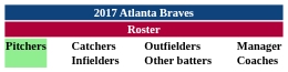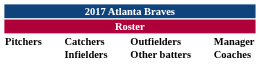 <table class="toccolours" style="font-size: 95%;">
 <tr>
 <th colspan="10" style="background:#0f437c; color:#fff; text-align:center;">2017 Atlanta Braves</th>
 </tr>
 <tr>
 <td colspan="10" style="background:#af0039; color:white; text-align:center;"><strong>Roster</strong></td>
 </tr>
 <tr>
-<td valign="top" style="background: lightgreen;"><strong>Pitchers</strong><br>                         </td>
+<td valign="top"><strong>Pitchers</strong><br>                         </td>
 <td style="width:25px;"></td>
 <td valign="top"><strong>Catchers</strong><br>    <strong>Infielders</strong>         </td>
 <td style="width:25px;"></td>
 <td valign="top"><strong>Outfielders</strong><br>         <strong>Other batters</strong> </td>
 <td style="width:25px;"></td>
 <td valign="top"><strong>Manager</strong><br> <strong>Coaches</strong>                      </td>
 </tr>
 </table>
